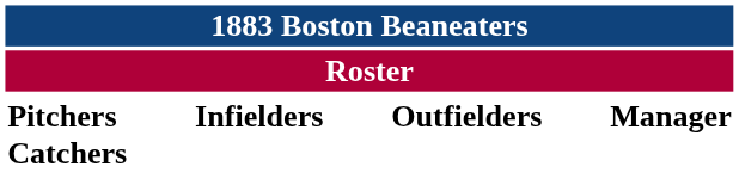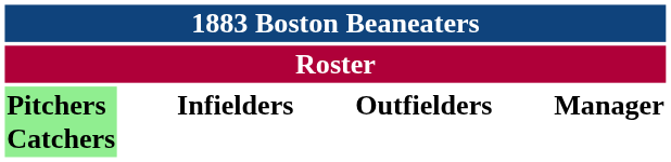 <table class="toccolours" style="font-size: 95%;">
 <tr>
 <th colspan="10" style="background-color: #0f437c; color: white; text-align: center;">1883 Boston Beaneaters</th>
 </tr>
 <tr>
 <td colspan="10" style="background-color: #af0039; color: white; text-align: center;"><strong>Roster</strong></td>
 </tr>
 <tr>
-<td valign="top"><strong>Pitchers</strong><br> <strong>Catchers</strong>  </td>
+<td valign="top" style="background: lightgreen;"><strong>Pitchers</strong><br> <strong>Catchers</strong>  </td>
 <td width="25px"></td>
 <td valign="top"><strong>Infielders</strong><br>    </td>
 <td width="25px"></td>
 <td valign="top"><strong>Outfielders</strong><br>   </td>
 <td width="25px"></td>
 <td valign="top"><strong>Manager</strong><br> </td>
 </tr>
 </table>
